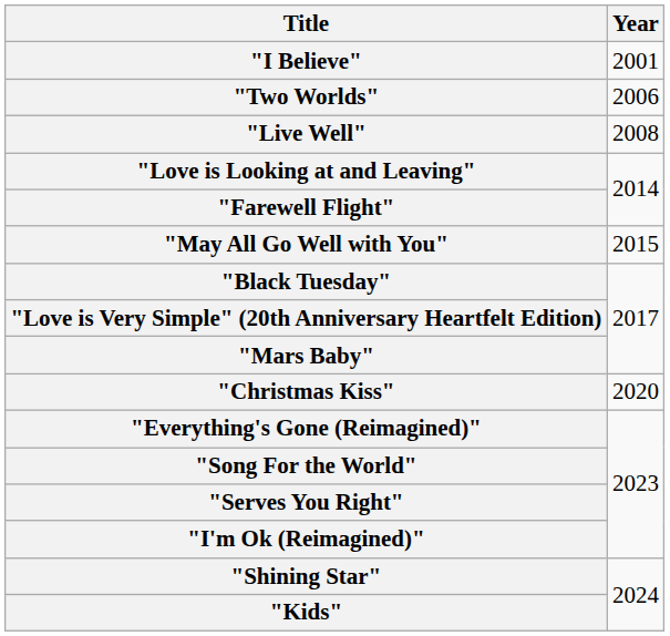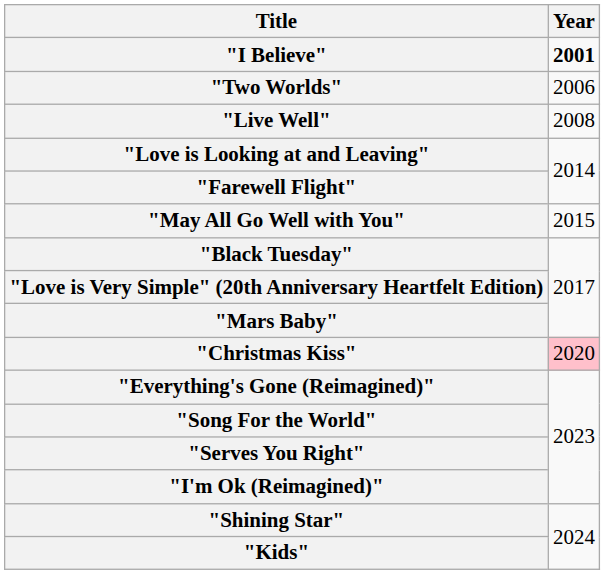 <table class="wikitable plainrowheaders" style="text-align:center;">
 <tr>
 <th scope="col">Title</th>
 <th scope="col">Year</th>
 </tr>
 <tr>
 <th scope="row">"I Believe"</th>
-<td>2001</td>
+<td><strong>2001</strong></td>
 </tr>
 <tr>
 <th scope="row">"Two Worlds"</th>
 <td>2006</td>
 </tr>
 <tr>
 <th scope="row">"Live Well"</th>
 <td>2008</td>
 </tr>
 <tr>
 <th scope="row">"Love is Looking at and Leaving"</th>
 <td rowspan="2">2014</td>
 </tr>
 <tr>
 <th scope="row">"Farewell Flight"</th>
 </tr>
 <tr>
 <th scope="row">"May All Go Well with You"</th>
 <td>2015</td>
 </tr>
 <tr>
 <th scope="row">"Black Tuesday"</th>
 <td rowspan="3">2017</td>
 </tr>
 <tr>
 <th scope="row">"Love is Very Simple" (20th Anniversary Heartfelt Edition)</th>
 </tr>
 <tr>
 <th scope="row">"Mars Baby"</th>
 </tr>
 <tr>
 <th scope="row">"Christmas Kiss"</th>
-<td>2020</td>
+<td style="background: pink;">2020</td>
 </tr>
 <tr>
 <th scope="row">"Everything's Gone (Reimagined)"</th>
 <td rowspan="4">2023</td>
 </tr>
 <tr>
 <th scope="row">"Song For the World"</th>
 </tr>
 <tr>
 <th scope="row">"Serves You Right"</th>
 </tr>
 <tr>
 <th scope="row">"I'm Ok (Reimagined)"</th>
 </tr>
 <tr>
 <th scope="row">"Shining Star"</th>
 <td rowspan="2">2024</td>
 </tr>
 <tr>
 <th scope="row">"Kids"</th>
 </tr>
 </table>
